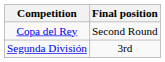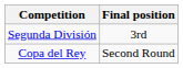 <table class="wikitable" style="font-size:100%; text-align:center">
 <tr>
 <th>Competition</th>
 <th>Final position</th>
 </tr>
 <tr style="background:">
+<td><a href='#'>Segunda División</a></td>
+<td>3rd</td>
+</tr>
+<tr style="background:">
 <td><a href='#'>Copa del Rey</a></td>
 <td>Second Round</td>
 </tr>
-<tr style="background:">
-<td><a href='#'>Segunda División</a></td>
-<td>3rd</td>
-</tr>
 </table>
